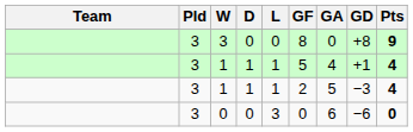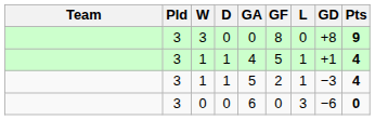 <table class="wikitable" style="text-align:center;">
 <tr>
 <th width=175>Team</th>
 <th width=20 abbr="Played">Pld</th>
 <th width=20 abbr="Won">W</th>
 <th width=20 abbr="Drawn">D</th>
+<th width=20 abbr="Goals against">GA</th>
+<th width=20 abbr="Goals for">GF</th>
 <th width=20 abbr="Lost">L</th>
-<th width=20 abbr="Goals for">GF</th>
-<th width=20 abbr="Goals against">GA</th>
 <th width=20 abbr="Goal difference">GD</th>
 <th width=20 abbr="Points">Pts</th>
 </tr>
 <tr bgcolor=ccffcc>
 <td align=left></td>
 <td>3</td>
 <td>3</td>
 <td>0</td>
 <td>0</td>
 <td>8</td>
 <td>0</td>
 <td>+8</td>
 <td><strong>9</strong></td>
 </tr>
 <tr bgcolor=ccffcc>
 <td align=left></td>
 <td>3</td>
 <td>1</td>
 <td>1</td>
+<td>4</td>
+<td>5</td>
 <td>1</td>
-<td>5</td>
-<td>4</td>
 <td>+1</td>
 <td><strong>4</strong></td>
 </tr>
 <tr>
 <td align=left></td>
 <td>3</td>
 <td>1</td>
 <td>1</td>
+<td>5</td>
+<td>2</td>
 <td>1</td>
-<td>2</td>
-<td>5</td>
 <td>−3</td>
 <td><strong>4</strong></td>
 </tr>
 <tr>
 <td align=left></td>
 <td>3</td>
 <td>0</td>
 <td>0</td>
+<td>6</td>
+<td>0</td>
 <td>3</td>
-<td>0</td>
-<td>6</td>
 <td>−6</td>
 <td><strong>0</strong></td>
 </tr>
 </table>
